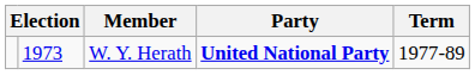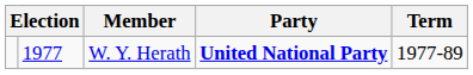 <table class="wikitable">
 <tr>
 <th colspan="2">Election</th>
 <th>Member</th>
 <th>Party</th>
 <th>Term</th>
 </tr>
 <tr>
 <td style="background-color: "></td>
-<td><a href='#'>1973</a></td>
+<td><a href='#'>1977</a></td>
 <td><a href='#'>W. Y. Herath</a></td>
 <td><strong><a href='#'>United National Party</a></strong></td>
 <td>1977-89</td>
 </tr>
 </table>
